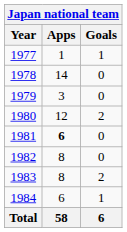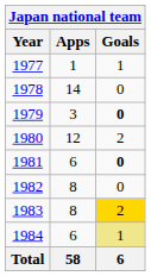 <table class="wikitable" style="text-align:center">
 <tr>
 <th colspan=3><a href='#'>Japan national team</a></th>
 </tr>
 <tr>
 <th>Year</th>
 <th>Apps</th>
 <th>Goals</th>
 </tr>
 <tr>
 <td><a href='#'>1977</a></td>
 <td>1</td>
 <td>1</td>
 </tr>
 <tr>
 <td><a href='#'>1978</a></td>
 <td>14</td>
 <td>0</td>
 </tr>
 <tr>
 <td><a href='#'>1979</a></td>
 <td>3</td>
-<td>0</td>
+<td><strong>0</strong></td>
 </tr>
 <tr>
 <td><a href='#'>1980</a></td>
 <td>12</td>
 <td>2</td>
 </tr>
 <tr>
 <td><a href='#'>1981</a></td>
-<td><strong>6</strong></td>
-<td>0</td>
+<td>6</td>
+<td><strong>0</strong></td>
 </tr>
 <tr>
 <td><a href='#'>1982</a></td>
 <td>8</td>
 <td>0</td>
 </tr>
 <tr>
 <td><a href='#'>1983</a></td>
 <td>8</td>
-<td>2</td>
+<td style="background: gold;">2</td>
 </tr>
 <tr>
 <td><a href='#'>1984</a></td>
 <td>6</td>
-<td>1</td>
+<td style="background: khaki;">1</td>
 </tr>
 <tr>
 <th>Total</th>
 <th>58</th>
 <th>6</th>
 </tr>
 </table>
